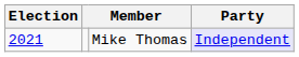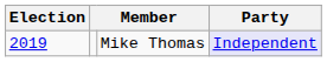 <table class="wikitable">
 <tr>
 <th>Election</th>
 <th colspan="2">Member</th>
 <th>Party</th>
 </tr>
 <tr>
-<td><a href='#'>2021</a></td>
+<td><a href='#'>2019</a></td>
 <td rowspan="1" style="background-color: "></td>
 <td rowspan="1">Mike Thomas</td>
 <td rowspan="1" style="background: lavender;"><a href='#'>Independent</a></td>
 </tr>
 </table>
